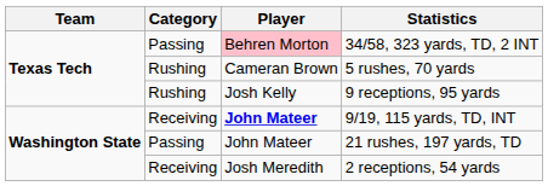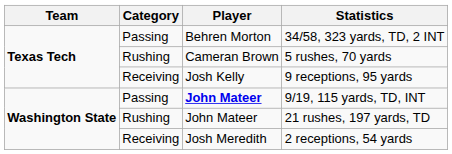 <table class="wikitable" style="float: right;">
 <tr>
 <th>Team</th>
 <th>Category</th>
 <th>Player</th>
 <th>Statistics</th>
 </tr>
 <tr>
 <td rowspan=3><strong>Texas Tech</strong></td>
 <td>Passing</td>
-<td style="background: pink;">Behren Morton</td>
+<td>Behren Morton</td>
 <td>34/58, 323 yards, TD, 2 INT</td>
 </tr>
 <tr>
 <td>Rushing</td>
 <td>Cameran Brown</td>
 <td>5 rushes, 70 yards</td>
 </tr>
 <tr>
-<td>Rushing</td>
+<td>Receiving</td>
 <td>Josh Kelly</td>
 <td>9 receptions, 95 yards</td>
 </tr>
 <tr>
 <td rowspan=3><strong>Washington State</strong></td>
-<td>Receiving</td>
+<td>Passing</td>
 <td><strong><a href='#'>John Mateer</a></strong></td>
 <td>9/19, 115 yards, TD, INT</td>
 </tr>
 <tr>
-<td>Passing</td>
+<td>Rushing</td>
 <td>John Mateer</td>
 <td>21 rushes, 197 yards, TD</td>
 </tr>
 <tr>
 <td>Receiving</td>
 <td>Josh Meredith</td>
 <td>2 receptions, 54 yards</td>
 </tr>
 </table>
